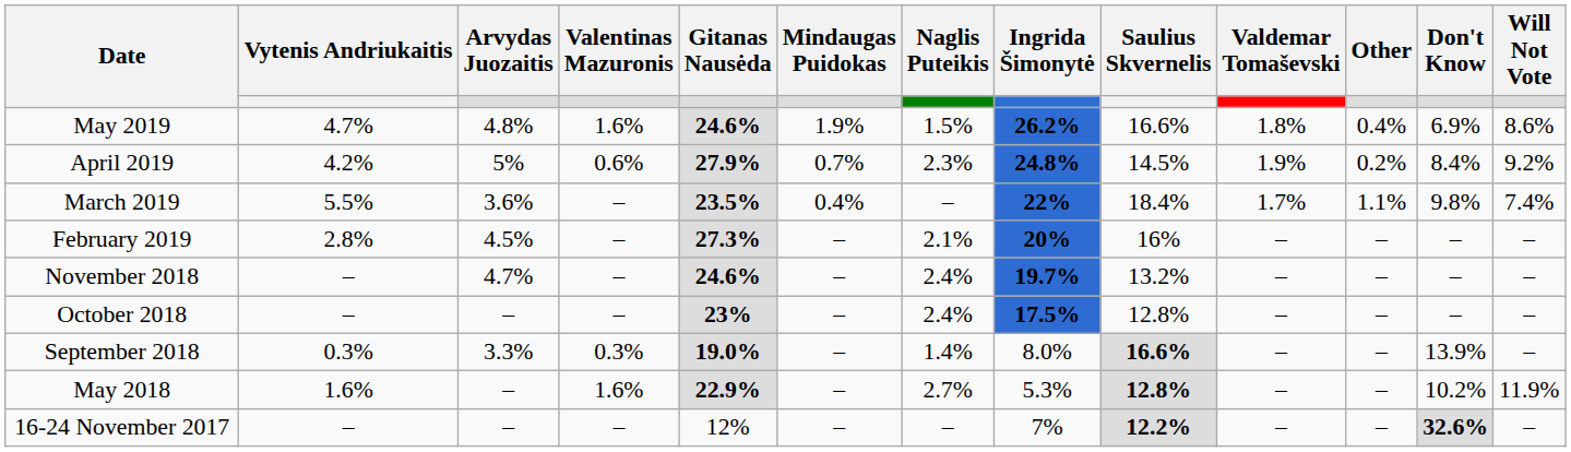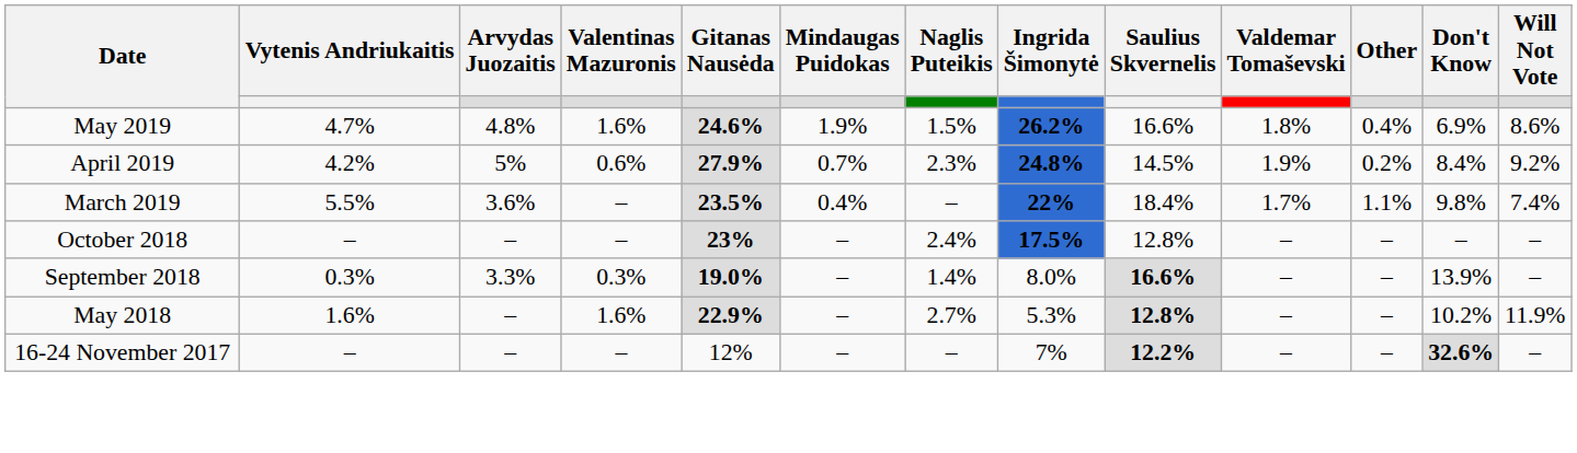 <table class="wikitable" style=text-align:center>
 <tr>
 <th style="width:150px;" rowspan="2">Date</th>
 <th>Vytenis Andriukaitis</th>
 <th>Arvydas Juozaitis</th>
 <th>Valentinas Mazuronis</th>
 <th>Gitanas Nausėda</th>
 <th>Mindaugas Puidokas</th>
 <th>Naglis Puteikis</th>
 <th>Ingrida Šimonytė</th>
 <th>Saulius Skvernelis</th>
 <th>Valdemar Tomaševski</th>
 <th>Other</th>
 <th>Don't Know</th>
 <th>Will Not Vote</th>
 </tr>
 <tr>
 <th style="background:"></th>
 <th style="background:#DDDDDD; width:35px;"></th>
 <th style="background:#DDDDDD; width:35px;"></th>
 <th style="background:#DDDDDD; width:35px;"></th>
 <th style="background:#DDDDDD; width:35px;"></th>
 <th style="background:#008000; width:35px;"></th>
 <th style="background:#2F6CD1; width:35px;"></th>
 <th style="background:"></th>
 <th style="background:#FF0000; width:35px;"></th>
 <th style="background:#DDDDDD; width:35px;"></th>
 <th style="background:#DDDDDD; width:35px;"></th>
 <th style="background:#DDDDDD; width:35px;"></th>
 </tr>
 <tr>
 <td>May 2019</td>
 <td>4.7%</td>
 <td>4.8%</td>
 <td>1.6%</td>
 <td style="background:#DDDDDD; width:40px;"><strong>24.6%</strong></td>
 <td>1.9%</td>
 <td>1.5%</td>
 <td style="background:#2F6CD1; width:40px;"><strong>26.2%</strong></td>
 <td>16.6%</td>
 <td>1.8%</td>
 <td>0.4%</td>
 <td>6.9%</td>
 <td>8.6%</td>
 </tr>
 <tr>
 <td>April 2019</td>
 <td>4.2%</td>
 <td>5%</td>
 <td>0.6%</td>
 <td style="background:#DDDDDD; width:40px;"><strong>27.9%</strong></td>
 <td>0.7%</td>
 <td>2.3%</td>
 <td style="background:#2F6CD1; width:40px;"><strong>24.8%</strong></td>
 <td>14.5%</td>
 <td>1.9%</td>
 <td>0.2%</td>
 <td>8.4%</td>
 <td>9.2%</td>
 </tr>
 <tr>
 <td>March 2019</td>
 <td>5.5%</td>
 <td>3.6%</td>
 <td>–</td>
 <td style="background:#DDDDDD; width:40px;"><strong>23.5%</strong></td>
 <td>0.4%</td>
 <td>–</td>
 <td style="background:#2F6CD1; width:40px;"><strong>22%</strong></td>
 <td>18.4%</td>
 <td>1.7%</td>
 <td>1.1%</td>
 <td>9.8%</td>
 <td>7.4%</td>
 </tr>
 <tr>
-<td>February 2019</td>
-<td>2.8%</td>
-<td>4.5%</td>
-<td>–</td>
-<td style="background:#DDDDDD; width:40px;"><strong>27.3%</strong></td>
-<td>–</td>
-<td>2.1%</td>
-<td style="background:#2F6CD1; width:40px;"><strong>20%</strong></td>
-<td>16%</td>
-<td>–</td>
-<td>–</td>
-<td>–</td>
-<td>–</td>
-</tr>
-<tr>
-<td>November 2018</td>
-<td>–</td>
-<td>4.7%</td>
-<td>–</td>
-<td style="background:#DDDDDD; width:40px;"><strong>24.6%</strong></td>
-<td>–</td>
-<td>2.4%</td>
-<td style="background:#2F6CD1; width:40px;"><strong>19.7%</strong></td>
-<td>13.2%</td>
-<td>–</td>
-<td>–</td>
-<td>–</td>
-<td>–</td>
-</tr>
-<tr>
 <td>October 2018</td>
 <td>–</td>
 <td>–</td>
 <td>–</td>
 <td style="background:#DDDDDD; width:40px;"><strong>23%</strong></td>
 <td>–</td>
 <td>2.4%</td>
 <td style="background:#2F6CD1; width:40px;"><strong>17.5%</strong></td>
 <td>12.8%</td>
 <td>–</td>
 <td>–</td>
 <td>–</td>
 <td>–</td>
 </tr>
 <tr>
 <td>September 2018</td>
 <td>0.3%</td>
 <td>3.3%</td>
 <td>0.3%</td>
 <td style="background:#DDDDDD; width:40px;"><strong>19.0%</strong></td>
 <td>–</td>
 <td>1.4%</td>
 <td>8.0%</td>
 <td style="background:#DDDDDD; width:40px;"><strong>16.6%</strong></td>
 <td>–</td>
 <td>–</td>
 <td>13.9%</td>
 <td>–</td>
 </tr>
 <tr>
 <td>May 2018</td>
 <td>1.6%</td>
 <td>–</td>
 <td>1.6%</td>
 <td style="background:#DDDDDD; width:40px;"><strong>22.9%</strong></td>
 <td>–</td>
 <td>2.7%</td>
 <td>5.3%</td>
 <td style="background:#DDDDDD; width:40px;"><strong>12.8%</strong></td>
 <td>–</td>
 <td>–</td>
 <td>10.2%</td>
 <td>11.9%</td>
 </tr>
 <tr>
 <td>16-24 November 2017</td>
 <td>–</td>
 <td>–</td>
 <td>–</td>
 <td>12%</td>
 <td>–</td>
 <td>–</td>
 <td>7%</td>
 <td style="background:#DDDDDD; width:40px;"><strong>12.2%</strong></td>
 <td>–</td>
 <td>–</td>
 <td style="background:#DDDDDD; width:40px;"><strong>32.6%</strong></td>
 <td>–</td>
 </tr>
 </table>
